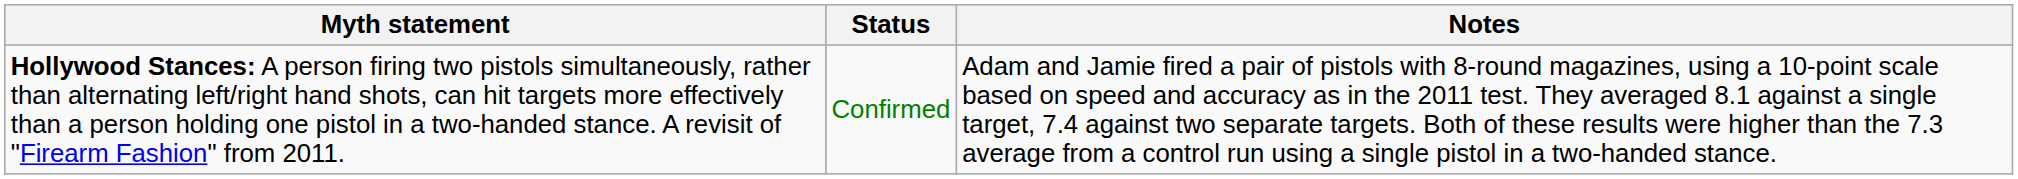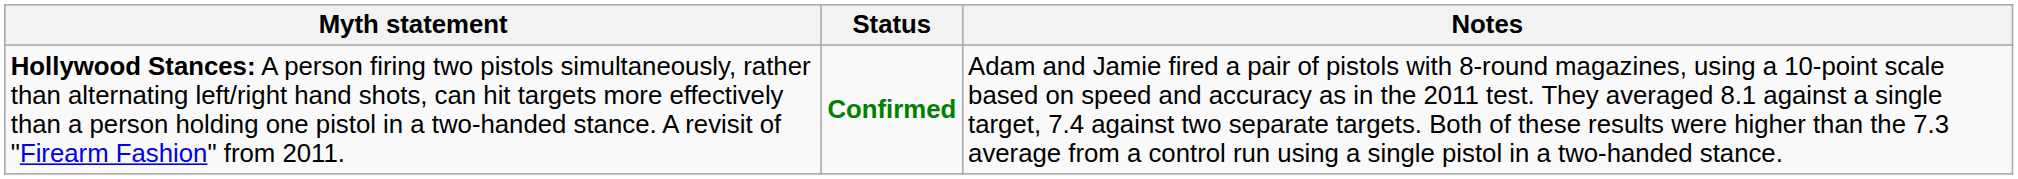 <table class="wikitable plainrowheaders">
 <tr>
 <th>Myth statement</th>
 <th>Status</th>
 <th>Notes</th>
 </tr>
 <tr>
 <td><strong>Hollywood Stances:</strong> A person firing two pistols simultaneously, rather than alternating left/right hand shots, can hit targets more effectively than a person holding one pistol in a two-handed stance. A revisit of "<a href='#'>Firearm Fashion</a>" from 2011.</td>
-<td style="color:green">Confirmed</td>
+<td style="color:green"><strong>Confirmed</strong></td>
 <td>Adam and Jamie fired a pair of pistols with 8-round magazines, using a 10-point scale based on speed and accuracy as in the 2011 test. They averaged 8.1 against a single target, 7.4 against two separate targets. Both of these results were higher than the 7.3 average from a control run using a single pistol in a two-handed stance.</td>
 </tr>
 </table>
